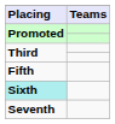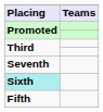 <table class=wikitable>
 <tr>
 </tr>
 <tr style="background: #E6E6FA;">
 <td><strong>Placing</strong></td>
 <td><strong>Teams</strong></td>
 </tr>
 <tr style="background: #ccffcc;">
 <td rowspan="2"><strong>Promoted</strong></td>
 <td><strong></strong></td>
 </tr>
 <tr style="background: #ccffcc;">
 <td></td>
 </tr>
 <tr>
 <td rowspan="2"><strong>Third</strong></td>
 <td></td>
 </tr>
 <tr>
 <td></td>
 </tr>
 <tr>
-<td><strong>Fifth</strong></td>
+<td><strong>Seventh</strong></td>
 <td></td>
 </tr>
 <tr>
 <td style="background: paleturquoise;"><strong>Sixth</strong></td>
 <td></td>
 </tr>
 <tr>
-<td><strong>Seventh</strong></td>
+<td><strong>Fifth</strong></td>
 <td></td>
 </tr>
 </table>
